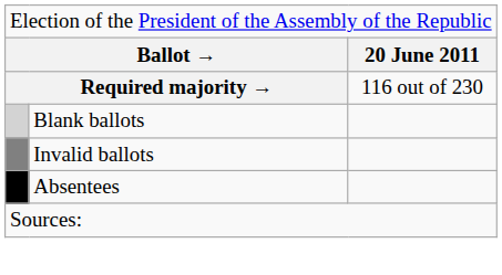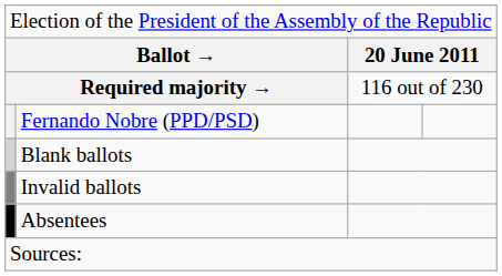 <table class="wikitable" style="text-align:center;">
 <tr>
 <td colspan="4" align="center">Election of the <a href='#'>President of the Assembly of the Republic</a></td>
 </tr>
 <tr>
 <th colspan="2" width="225px">Ballot →</th>
 <th colspan="2">20 June 2011</th>
 </tr>
 <tr>
 <th colspan="2">Required majority →</th>
 <td colspan="2">116 out of 230</td>
+</tr>
+<tr>
+<th width="1px" style="background:"></th>
+<td align="left"><a href='#'>Fernando Nobre</a> (<a href='#'>PPD/PSD</a>)</td>
+<td></td>
+<td></td>
 </tr>
 <tr>
 <th style="background:lightgray;"></th>
 <td align="left">Blank ballots</td>
 <td colspan="2"></td>
 </tr>
 <tr>
 <th style="background:gray;"></th>
 <td align="left">Invalid ballots</td>
 <td colspan="2"></td>
 </tr>
 <tr>
 <th style="background:black;"></th>
 <td align="left">Absentees</td>
 <td colspan="2"></td>
 </tr>
 <tr>
 <td align="left" colspan="4">Sources: </td>
 </tr>
 </table>
